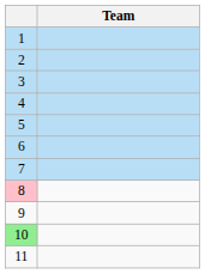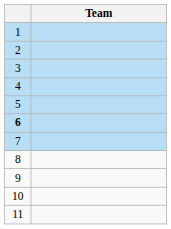 <table class="wikitable" style="text-align: center; font-size: 100%;">
 <tr>
 <th width="30"></th>
 <th width="180">Team</th>
 </tr>
 <tr style="background-color: #b8def6;">
 <td>1</td>
 <td align=left></td>
 </tr>
 <tr style="background-color: #b8def6;">
 <td>2</td>
 <td align=left></td>
 </tr>
 <tr style="background-color: #b8def6;">
 <td>3</td>
 <td align=left></td>
 </tr>
 <tr style="background-color: #b8def6;">
 <td>4</td>
 <td align=left></td>
 </tr>
 <tr style="background-color: #b8def6;">
 <td>5</td>
 <td align=left></td>
 </tr>
 <tr style="background-color: #b8def6;">
-<td>6</td>
+<td><strong>6</strong></td>
 <td align=left></td>
 </tr>
 <tr style="background-color: #b8def6;">
 <td>7</td>
 <td align=left></td>
 </tr>
 <tr>
-<td style="background: pink;">8</td>
+<td>8</td>
 <td align=left></td>
 </tr>
 <tr>
 <td>9</td>
 <td align=left></td>
 </tr>
 <tr>
-<td style="background: lightgreen;">10</td>
+<td>10</td>
 <td align=left></td>
 </tr>
 <tr>
 <td>11</td>
 <td align=left></td>
 </tr>
 </table>
